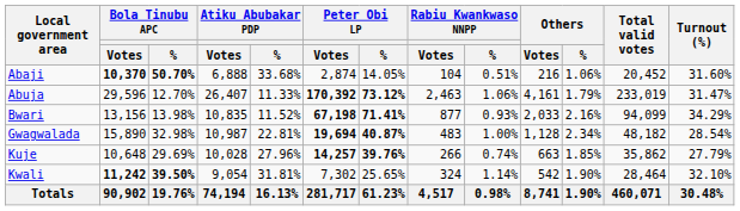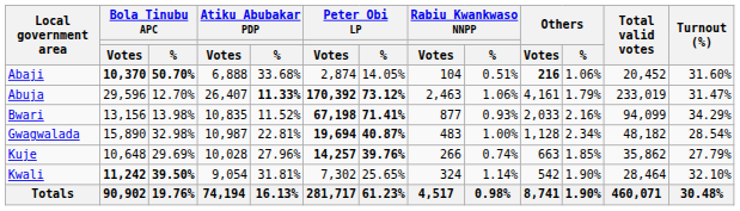 <table class="wikitable sortable" style="text-align:right; font-size:90%">
 <tr>
 <th rowspan="3" style="max-width:7.5em;">Local government area</th>
 <th colspan="2"><a href='#'>Bola Tinubu</a><br><small>APC</small></th>
 <th colspan="2"><a href='#'>Atiku Abubakar</a><br><small>PDP</small></th>
 <th colspan="2"><a href='#'>Peter Obi</a><br><small>LP</small></th>
 <th colspan="2"><a href='#'>Rabiu Kwankwaso</a><br><small>NNPP</small></th>
 <th colspan="2" rowspan="2">Others</th>
 <th rowspan="3" style="max-width:5em;">Total valid votes</th>
 <th rowspan="3" style="max-width:5em;">Turnout (%)</th>
 </tr>
 <tr>
 <th colspan=2 style="background-color:"></th>
 <th colspan=2 style="background-color:"></th>
 <th colspan=2 style="background-color:"></th>
 <th colspan=2 style="background-color:"></th>
 </tr>
 <tr>
 <th>Votes</th>
 <th>%</th>
 <th>Votes</th>
 <th>%</th>
 <th>Votes</th>
 <th>%</th>
 <th>Votes</th>
 <th>%</th>
 <th>Votes</th>
 <th>%</th>
 </tr>
 <tr style="background-color:#">
 <td style="text-align:left;"><a href='#'>Abaji</a></td>
 <td><strong>10,370</strong></td>
 <td><strong>50.70%</strong></td>
 <td>6,888</td>
 <td>33.68%</td>
 <td>2,874</td>
 <td>14.05%</td>
 <td>104</td>
 <td>0.51%</td>
-<td>216</td>
+<td><strong>216</strong></td>
 <td>1.06%</td>
 <td>20,452</td>
 <td>31.60%</td>
 </tr>
 <tr style="background-color:#">
 <td style="text-align:left;"><a href='#'>Abuja</a></td>
 <td>29,596</td>
 <td>12.70%</td>
 <td>26,407</td>
-<td>11.33%</td>
+<td><strong>11.33%</strong></td>
 <td><strong>170,392</strong></td>
 <td><strong>73.12%</strong></td>
 <td>2,463</td>
 <td>1.06%</td>
 <td>4,161</td>
 <td>1.79%</td>
 <td>233,019</td>
 <td>31.47%</td>
 </tr>
 <tr style="background-color:#">
 <td style="text-align:left;"><a href='#'>Bwari</a></td>
 <td>13,156</td>
 <td>13.98%</td>
 <td>10,835</td>
 <td>11.52%</td>
 <td><strong>67,198</strong></td>
 <td><strong>71.41%</strong></td>
 <td>877</td>
 <td>0.93%</td>
 <td>2,033</td>
 <td>2.16%</td>
 <td>94,099</td>
 <td>34.29%</td>
 </tr>
 <tr style="background-color:#">
 <td style="text-align:left;"><a href='#'>Gwagwalada</a></td>
 <td>15,890</td>
 <td>32.98%</td>
 <td>10,987</td>
 <td>22.81%</td>
 <td><strong>19,694</strong></td>
 <td><strong>40.87%</strong></td>
 <td>483</td>
 <td>1.00%</td>
 <td>1,128</td>
 <td>2.34%</td>
 <td>48,182</td>
 <td>28.54%</td>
 </tr>
 <tr style="background-color:#">
 <td style="text-align:left;"><a href='#'>Kuje</a></td>
 <td>10,648</td>
 <td>29.69%</td>
 <td>10,028</td>
 <td>27.96%</td>
 <td><strong>14,257</strong></td>
 <td><strong>39.76%</strong></td>
 <td>266</td>
 <td>0.74%</td>
 <td>663</td>
 <td>1.85%</td>
 <td>35,862</td>
 <td>27.79%</td>
 </tr>
 <tr style="background-color:#">
 <td style="text-align:left;"><a href='#'>Kwali</a></td>
 <td><strong>11,242</strong></td>
 <td><strong>39.50%</strong></td>
 <td>9,054</td>
 <td>31.81%</td>
 <td>7,302</td>
 <td>25.65%</td>
 <td>324</td>
 <td>1.14%</td>
 <td>542</td>
 <td>1.90%</td>
 <td>28,464</td>
 <td>32.10%</td>
 </tr>
 <tr>
 <th>Totals</th>
 <th>90,902</th>
 <th>19.76%</th>
 <th>74,194</th>
 <th>16.13%</th>
 <th>281,717</th>
 <th>61.23%</th>
 <th>4,517</th>
 <th>0.98%</th>
 <th>8,741</th>
 <th>1.90%</th>
 <th>460,071</th>
 <th>30.48%</th>
 </tr>
 </table>
